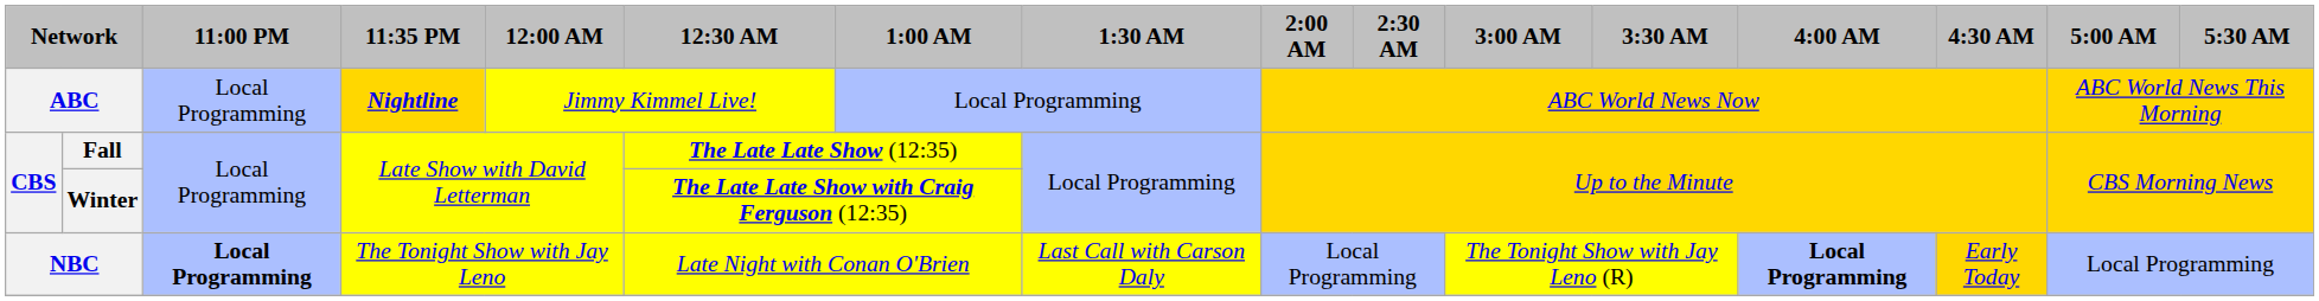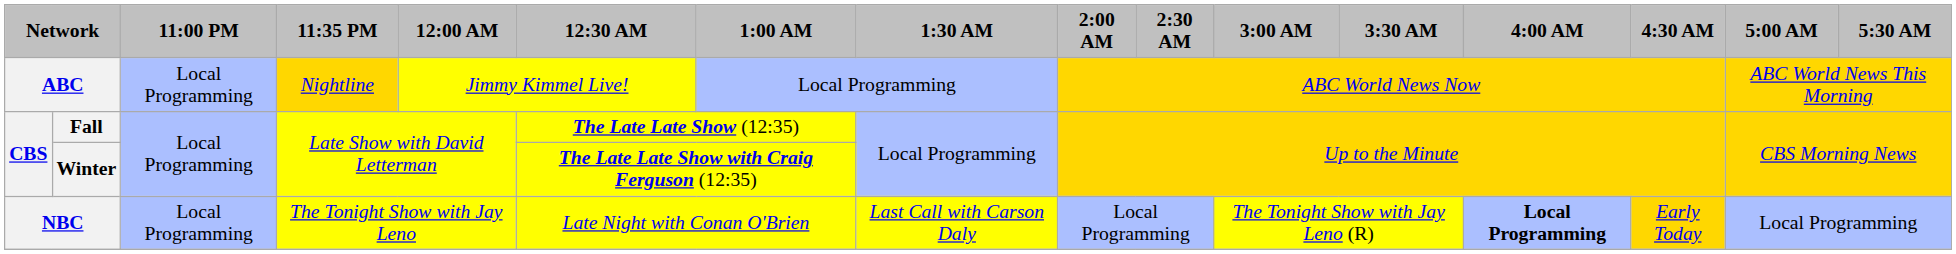 <table class="wikitable" style="width:100%;margin-right:0;text-align:center">
 <tr>
 <th colspan="2" style="background-color:#C0C0C0;text-align:center">Network</th>
 <th style="background-color:#C0C0C0;text-align:center">11:00 PM</th>
 <th style="background-color:#C0C0C0;text-align:center">11:35 PM</th>
 <th style="background-color:#C0C0C0;text-align:center">12:00 AM</th>
 <th style="background-color:#C0C0C0;text-align:center">12:30 AM</th>
 <th style="background-color:#C0C0C0;text-align:center">1:00 AM</th>
 <th style="background-color:#C0C0C0;text-align:center">1:30 AM</th>
 <th style="background-color:#C0C0C0;text-align:center">2:00 AM</th>
 <th style="background-color:#C0C0C0;text-align:center">2:30 AM</th>
 <th style="background-color:#C0C0C0;text-align:center">3:00 AM</th>
 <th style="background-color:#C0C0C0;text-align:center">3:30 AM</th>
 <th style="background-color:#C0C0C0;text-align:center">4:00 AM</th>
 <th style="background-color:#C0C0C0;text-align:center">4:30 AM</th>
 <th style="background-color:#C0C0C0;text-align:center">5:00 AM</th>
 <th style="background-color:#C0C0C0;text-align:center">5:30 AM</th>
 </tr>
 <tr>
 <th colspan="2"><a href='#'>ABC</a></th>
 <td colspan="1" style="background:#abbfff">Local Programming</td>
-<td colspan="1" style="background:gold"><strong><em><a href='#'>Nightline</a></em></strong></td>
+<td colspan="1" style="background:gold"><em><a href='#'>Nightline</a></em></td>
 <td colspan="2" style="background:yellow"><em><a href='#'>Jimmy Kimmel Live!</a></em></td>
 <td colspan="2" style="background:#abbfff">Local Programming</td>
 <td colspan="6" style="background:gold"><em><a href='#'>ABC World News Now</a></em></td>
 <td colspan="2" style="background:gold"><em><a href='#'>ABC World News This Morning</a></em></td>
 </tr>
 <tr>
 <th colspan="1" rowspan="2"><a href='#'>CBS</a></th>
 <th>Fall</th>
 <td colspan="1" rowspan="2" style="background:#abbfff">Local Programming</td>
 <td colspan="2" rowspan="2" style="background:yellow"><em><a href='#'>Late Show with David Letterman</a></em></td>
 <td colspan="2" style="background:yellow"><strong><em><a href='#'>The Late Late Show</a></em></strong> (12:35)</td>
 <td colspan="1" rowspan="2" style="background:#abbfff">Local Programming</td>
 <td colspan="6" rowspan="2" style="background:gold"><em><a href='#'>Up to the Minute</a></em></td>
 <td colspan="2" rowspan="2" style="background:gold"><em><a href='#'>CBS Morning News</a></em></td>
 </tr>
 <tr>
 <th>Winter</th>
 <td colspan="2" style="background:yellow"><strong><em><a href='#'>The Late Late Show with Craig Ferguson</a></em></strong> (12:35)</td>
 </tr>
 <tr>
 <th colspan="2"><a href='#'>NBC</a></th>
-<td colspan="1" style="background:#abbfff"><strong>Local Programming</strong></td>
+<td colspan="1" style="background:#abbfff">Local Programming</td>
 <td colspan="2" style="background:yellow"><em><a href='#'>The Tonight Show with Jay Leno</a></em></td>
 <td colspan="2" style="background:yellow"><em><a href='#'>Late Night with Conan O'Brien</a></em></td>
 <td colspan="1" style="background:yellow"><em><a href='#'>Last Call with Carson Daly</a></em></td>
 <td colspan="2" style="background:#abbfff">Local Programming</td>
 <td colspan="2" style="background:yellow"><em><a href='#'>The Tonight Show with Jay Leno</a></em> (R)</td>
 <td colspan="1" style="background:#abbfff"><strong>Local Programming</strong></td>
 <td colspan="1" style="background:gold"><em><a href='#'>Early Today</a></em></td>
 <td colspan="2" style="background:#abbfff">Local Programming</td>
 </tr>
 <tr>
 </tr>
 </table>
